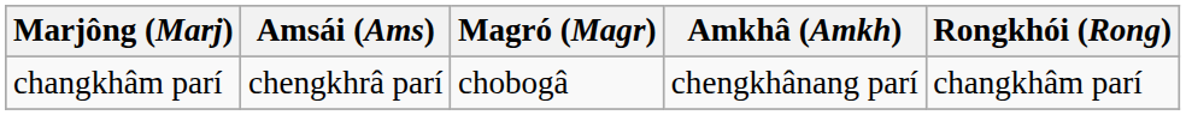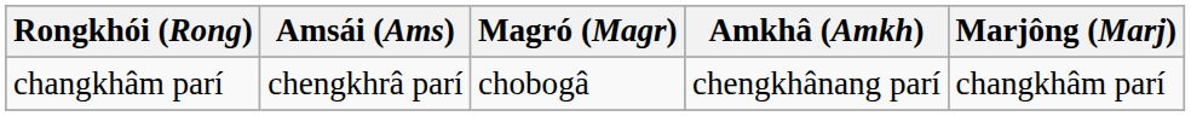 <table class="wikitable">
 <tr>
-<th>Marjông (<em>Marj</em>)</th>
+<th>Rongkhói (<em>Rong</em>)</th>
 <th>Amsái (<em>Ams</em>)</th>
 <th>Magró (<em>Magr</em>)</th>
 <th>Amkhâ (<em>Amkh</em>)</th>
-<th>Rongkhói (<em>Rong</em>)</th>
+<th>Marjông (<em>Marj</em>)</th>
 </tr>
 <tr>
 <td>changkhâm parí</td>
 <td>chengkhrâ parí</td>
 <td>chobogâ</td>
 <td>chengkhânang parí</td>
 <td>changkhâm parí</td>
 </tr>
 </table>
